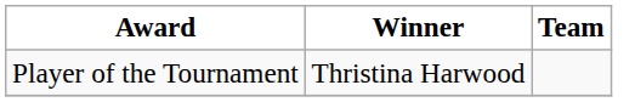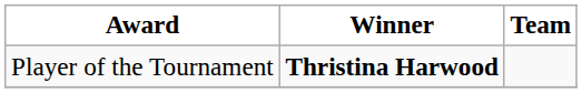 <table class="wikitable collapsible">
 <tr>
 <th style="background:white;">Award</th>
 <th style="background:white;">Winner</th>
 <th style="background:white;">Team</th>
 </tr>
 <tr>
 <td>Player of the Tournament</td>
-<td>Thristina Harwood</td>
+<td><strong>Thristina Harwood</strong></td>
 <td></td>
 </tr>
 <tr>
 </tr>
 </table>
